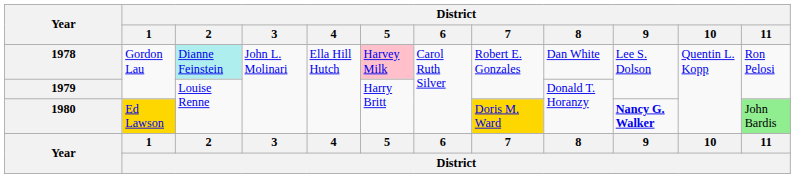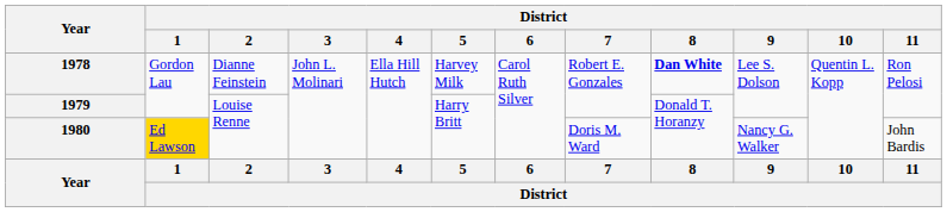 <table class="wikitable" width=100% style="font-size: 86%;">
 <tr>
 <th rowspan="2" width="15%">Year</th>
 <th colspan="11" align="left">District</th>
 </tr>
 <tr>
 <th>1</th>
 <th>2</th>
 <th>3</th>
 <th>4</th>
 <th>5</th>
 <th>6</th>
 <th>7</th>
 <th>8</th>
 <th>9</th>
 <th>10</th>
 <th>11</th>
 </tr>
 <tr valign=top>
 <th>1978</th>
 <td rowspan="2"><a href='#'>Gordon Lau</a></td>
-<td style="background: paleturquoise;"><a href='#'>Dianne Feinstein</a></td>
+<td><a href='#'>Dianne Feinstein</a></td>
 <td rowspan="3"><a href='#'>John L. Molinari</a></td>
 <td rowspan="3"><a href='#'>Ella Hill Hutch</a></td>
-<td style="background: pink;"><a href='#'>Harvey Milk</a></td>
+<td><a href='#'>Harvey Milk</a></td>
 <td rowspan="3"><a href='#'>Carol Ruth Silver</a></td>
 <td rowspan="2"><a href='#'>Robert E. Gonzales</a></td>
-<td><a href='#'>Dan White</a></td>
+<td><strong><a href='#'>Dan White</a></strong></td>
 <td rowspan="2"><a href='#'>Lee S. Dolson</a></td>
 <td rowspan="3"><a href='#'>Quentin L. Kopp</a></td>
 <td rowspan="2"><a href='#'>Ron Pelosi</a></td>
 </tr>
 <tr valign=top>
 <th>1979</th>
 <td rowspan="2"><a href='#'>Louise Renne</a></td>
 <td rowspan="2"><a href='#'>Harry Britt</a></td>
 <td rowspan="2"><a href='#'>Donald T. Horanzy</a></td>
 </tr>
 <tr valign=top>
 <th>1980</th>
 <td style="background: gold;"><a href='#'>Ed Lawson</a></td>
-<td style="background: gold;"><a href='#'>Doris M. Ward</a></td>
-<td><strong><a href='#'>Nancy G. Walker</a></strong></td>
-<td style="background: lightgreen;">John Bardis</td>
+<td><a href='#'>Doris M. Ward</a></td>
+<td><a href='#'>Nancy G. Walker</a></td>
+<td>John Bardis</td>
 </tr>
 <tr>
 <th rowspan="2" width="15%">Year</th>
 <th>1</th>
 <th>2</th>
 <th>3</th>
 <th>4</th>
 <th>5</th>
 <th>6</th>
 <th>7</th>
 <th>8</th>
 <th>9</th>
 <th>10</th>
 <th>11</th>
 </tr>
 <tr>
 <th colspan="11" align="left">District</th>
 </tr>
 </table>
